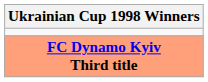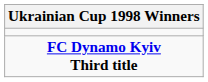 <table class="wikitable" style="text-align: center; margin: 0 auto;">
 <tr>
 <th>Ukrainian Cup 1998 Winners</th>
 </tr>
 <tr>
 <td></td>
 </tr>
 <tr>
-<td style="background: lightsalmon;"><strong><a href='#'>FC Dynamo Kyiv</a></strong><br><strong>Third title</strong></td>
+<td><strong><a href='#'>FC Dynamo Kyiv</a></strong><br><strong>Third title</strong></td>
 </tr>
 </table>
